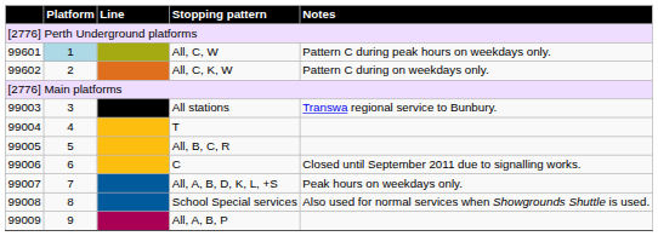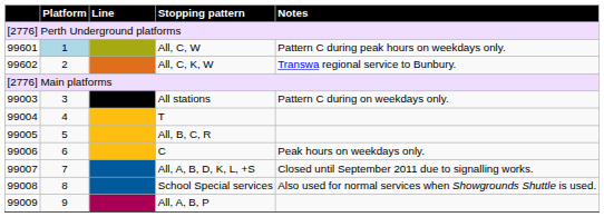 <table class="wikitable" style="float: none; margin-center: 1em; margin-bottom: 0.5em; border: black solid 1px; text-align:center;">
 <tr style="color:#FFFFFF;">
 <th style="background:#000000; text-align:left;"></th>
 <th style="background:#000000; text-align:left;">Platform</th>
 <th style="background:#000000; text-align:left; width:90px;">Line</th>
 <th style="background:#000000; text-align:left;">Stopping pattern</th>
 <th style="background:#000000; text-align:left;">Notes</th>
 </tr>
 <tr>
 <td colspan="5" style="background:#EDF; text-align:left;">[2776] Perth Underground platforms</td>
 </tr>
 <tr>
 <td>99601</td>
 <td style="background: lightblue;">1</td>
 <td style="color:white; background:#A6AA12;"><strong><a href='#'></a></strong></td>
 <td style="text-align:left;">All, C, W</td>
 <td style="text-align:left;">Pattern C during peak hours on weekdays only.</td>
 </tr>
 <tr>
 <td>99602</td>
 <td>2</td>
 <td style="color:white; background:#E06F1D;"><strong><a href='#'></a></strong></td>
 <td style="text-align:left;">All, C, K, W</td>
-<td style="text-align:left;">Pattern C during on weekdays only.</td>
+<td style="text-align:left;"><a href='#'>Transwa</a> regional service to Bunbury.</td>
 </tr>
 <tr>
 <td colspan="5" style="background:#EDF; text-align:left;">[2776] Main platforms</td>
 </tr>
 <tr>
 <td>99003</td>
 <td>3</td>
 <td style="color:#E0730E; background:#000000;"><strong><a href='#'></a></strong></td>
 <td style="text-align:left;">All stations</td>
-<td style="text-align:left;"><a href='#'>Transwa</a> regional service to Bunbury.</td>
+<td style="text-align:left;">Pattern C during on weekdays only.</td>
 </tr>
 <tr>
 <td>99004</td>
 <td>4</td>
 <td style="color:black; background:#FEBE10;"><strong><a href='#'></a></strong></td>
 <td style="text-align:left;">T</td>
 <td></td>
 </tr>
 <tr>
 <td>99005</td>
 <td>5</td>
 <td style="color:black; background:#FEBE10;"><strong><a href='#'></a></strong></td>
 <td style="text-align:left;">All, B, C, R</td>
 <td></td>
 </tr>
 <tr>
 <td>99006</td>
 <td>6</td>
 <td style="color:black; background:#FEBE10;"><strong><a href='#'></a></strong></td>
 <td style="text-align:left;">C</td>
-<td style="text-align:left;">Closed until September 2011 due to signalling works.</td>
+<td style="text-align:left;">Peak hours on weekdays only.</td>
 </tr>
 <tr>
 <td>99007</td>
 <td>7</td>
 <td style="color:white; background:#005A9C;"><strong><a href='#'></a></strong></td>
 <td style="text-align:left;">All, A, B, D, K, L, +S</td>
-<td style="text-align:left;">Peak hours on weekdays only.</td>
+<td style="text-align:left;">Closed until September 2011 due to signalling works.</td>
 </tr>
 <tr>
 <td>99008</td>
 <td>8</td>
 <td style="color:white; background:#005A9C;"><strong><a href='#'></a></strong></td>
 <td style="text-align:left;">School Special services</td>
 <td style="text-align:left;">Also used for normal services when <em>Showgrounds Shuttle</em> is used.</td>
 </tr>
 <tr>
 <td>99009</td>
 <td>9</td>
 <td style="color:white; background:#A90056;"><strong><a href='#'></a></strong></td>
 <td style="text-align:left;">All, A, B, P</td>
 <td></td>
 </tr>
 <tr>
 </tr>
 </table>
